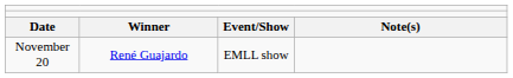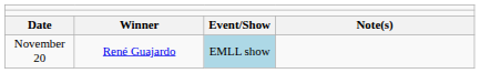 <table class="wikitable" style="text-align:center; width:100%;">
 <tr>
 <td colspan=5></td>
 </tr>
 <tr>
 <td colspan=5><strong></strong></td>
 </tr>
 <tr>
 <th width=14%>Date</th>
 <th width=26%>Winner</th>
 <th width=14%>Event/Show</th>
 <th width=40%>Note(s)</th>
 </tr>
 <tr>
 <td>November 20</td>
 <td><a href='#'>René Guajardo</a></td>
-<td>EMLL show</td>
+<td style="background: lightblue;">EMLL show</td>
 <td align=left></td>
 </tr>
 </table>
